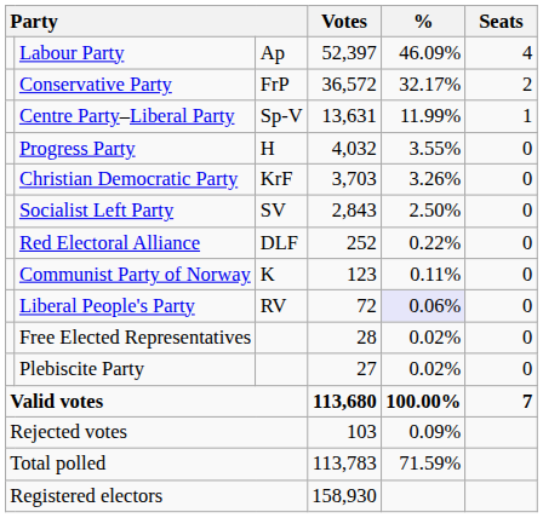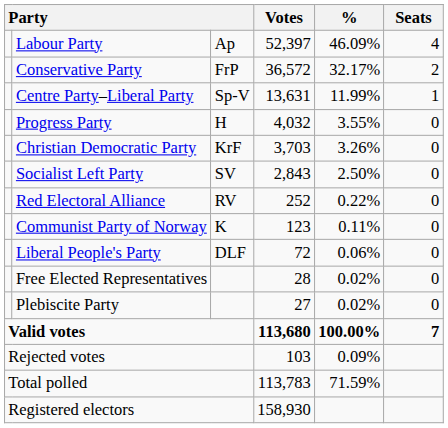 <table class="wikitable" border="1" style="text-align:right;">
 <tr>
 <th style="text-align:left;" colspan=3>Party</th>
 <th align=center width="50">Votes</th>
 <th align=center width="50">%</th>
 <th align=center width="50">Seats</th>
 </tr>
 <tr>
 <td style="color:inherit;background:"></td>
 <td align=left><a href='#'>Labour Party</a></td>
 <td align=left>Ap</td>
 <td>52,397</td>
 <td>46.09%</td>
 <td>4</td>
 </tr>
 <tr>
 <td style="color:inherit;background:"></td>
 <td align=left><a href='#'>Conservative Party</a></td>
 <td align=left>FrP</td>
 <td>36,572</td>
 <td>32.17%</td>
 <td>2</td>
 </tr>
 <tr>
 <td></td>
 <td align=left><a href='#'>Centre Party</a>–<a href='#'>Liberal Party</a></td>
 <td align=left>Sp-V</td>
 <td>13,631</td>
 <td>11.99%</td>
 <td>1</td>
 </tr>
 <tr>
 <td style="color:inherit;background:"></td>
 <td align=left><a href='#'>Progress Party</a></td>
 <td align=left>H</td>
 <td>4,032</td>
 <td>3.55%</td>
 <td>0</td>
 </tr>
 <tr>
 <td style="color:inherit;background:"></td>
 <td align=left><a href='#'>Christian Democratic Party</a></td>
 <td align=left>KrF</td>
 <td>3,703</td>
 <td>3.26%</td>
 <td>0</td>
 </tr>
 <tr>
 <td style="color:inherit;background:"></td>
 <td align=left><a href='#'>Socialist Left Party</a></td>
 <td align=left>SV</td>
 <td>2,843</td>
 <td>2.50%</td>
 <td>0</td>
 </tr>
 <tr>
 <td style="color:inherit;background:"></td>
 <td align=left><a href='#'>Red Electoral Alliance</a></td>
-<td align=left>DLF</td>
+<td align=left>RV</td>
 <td>252</td>
 <td>0.22%</td>
 <td>0</td>
 </tr>
 <tr>
 <td style="color:inherit;background:"></td>
 <td align=left><a href='#'>Communist Party of Norway</a></td>
 <td align=left>K</td>
 <td>123</td>
 <td>0.11%</td>
 <td>0</td>
 </tr>
 <tr>
 <td style="color:inherit;background:"></td>
 <td align=left><a href='#'>Liberal People's Party</a></td>
-<td align=left>RV</td>
+<td align=left>DLF</td>
 <td>72</td>
-<td style="background: lavender;">0.06%</td>
+<td>0.06%</td>
 <td>0</td>
 </tr>
 <tr>
 <td></td>
 <td align=left>Free Elected Representatives</td>
 <td align=left></td>
 <td>28</td>
 <td>0.02%</td>
 <td>0</td>
 </tr>
 <tr>
 <td></td>
 <td align=left>Plebiscite Party</td>
 <td align=left></td>
 <td>27</td>
 <td>0.02%</td>
 <td>0</td>
 </tr>
 <tr style="font-weight:bold">
 <td align=left colspan=3>Valid votes</td>
 <td>113,680</td>
 <td>100.00%</td>
 <td>7</td>
 </tr>
 <tr>
 <td align=left colspan=3>Rejected votes</td>
 <td>103</td>
 <td>0.09%</td>
 <td></td>
 </tr>
 <tr>
 <td align=left colspan=3>Total polled</td>
 <td>113,783</td>
 <td>71.59%</td>
 <td></td>
 </tr>
 <tr>
 <td align=left colspan=3>Registered electors</td>
 <td>158,930</td>
 <td></td>
 <td></td>
 </tr>
 </table>
